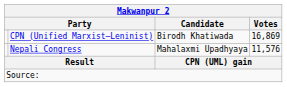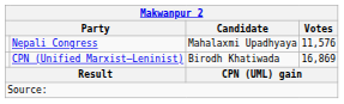 <table class="wikitable">
 <tr>
 <th colspan="4"><a href='#'>Makwanpur 2</a></th>
 </tr>
 <tr>
 <th colspan="2">Party</th>
 <th>Candidate</th>
 <th>Votes</th>
 </tr>
 <tr>
 <td style="background-color:"></td>
+<td><a href='#'>Nepali Congress</a></td>
+<td>Mahalaxmi Upadhyaya</td>
+<td>11,576</td>
+</tr>
+<tr>
+<td style="background-color:"></td>
 <td><a href='#'>CPN (Unified Marxist–Leninist)</a></td>
 <td>Birodh Khatiwada</td>
 <td>16,869</td>
-</tr>
-<tr>
-<td style="background-color:"></td>
-<td><a href='#'>Nepali Congress</a></td>
-<td>Mahalaxmi Upadhyaya</td>
-<td>11,576</td>
 </tr>
 <tr>
 <th colspan="2">Result</th>
 <th colspan="2">CPN (UML) gain</th>
 </tr>
 <tr>
 <td colspan="4">Source: </td>
 </tr>
 </table>
